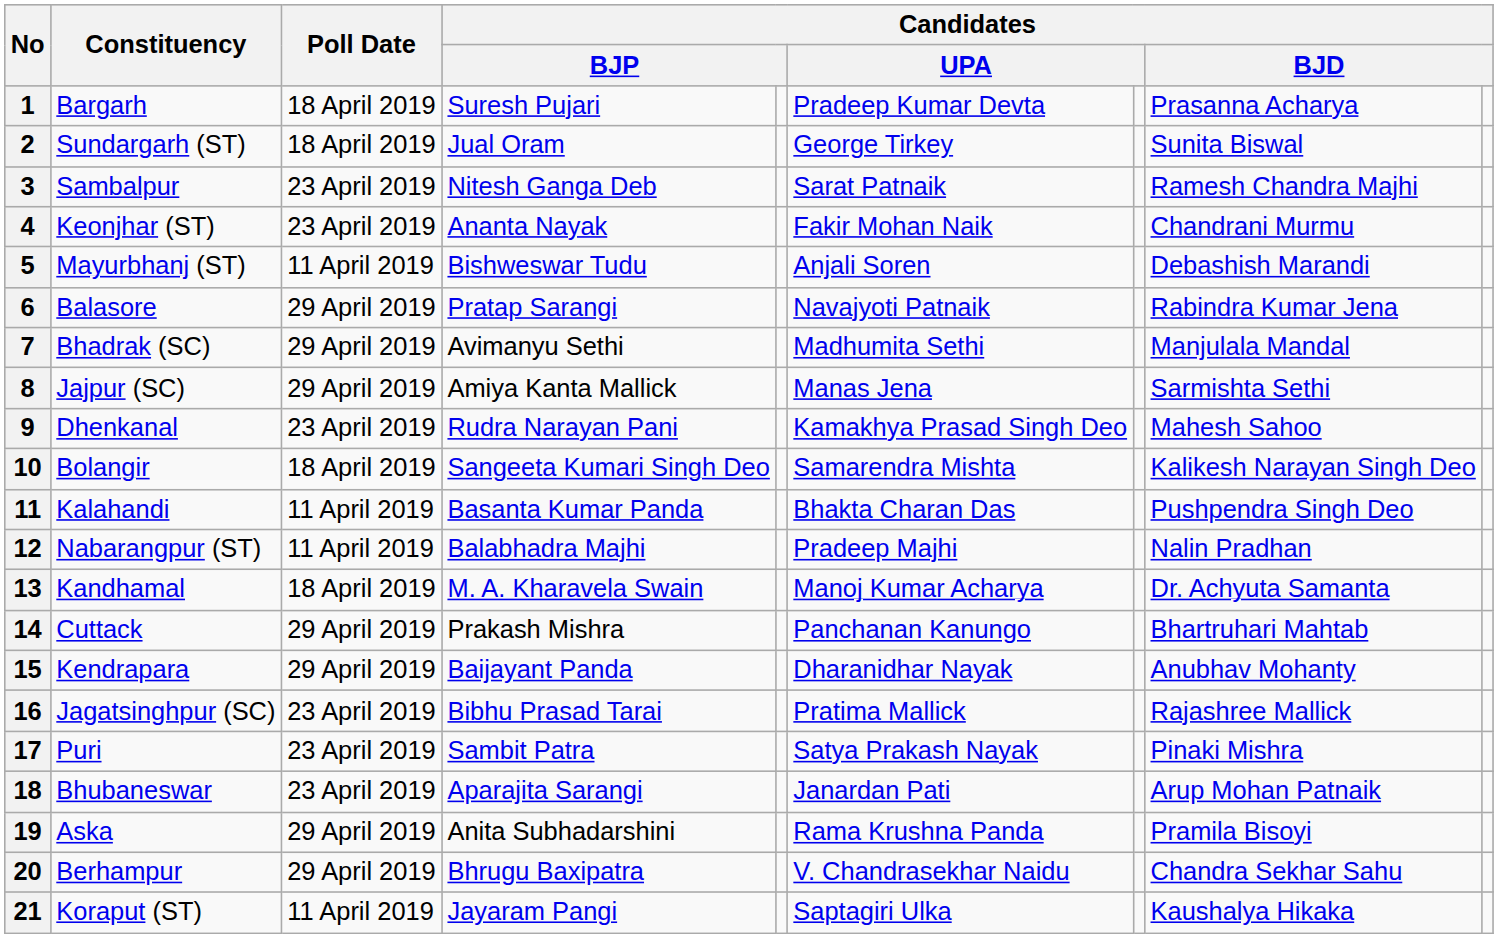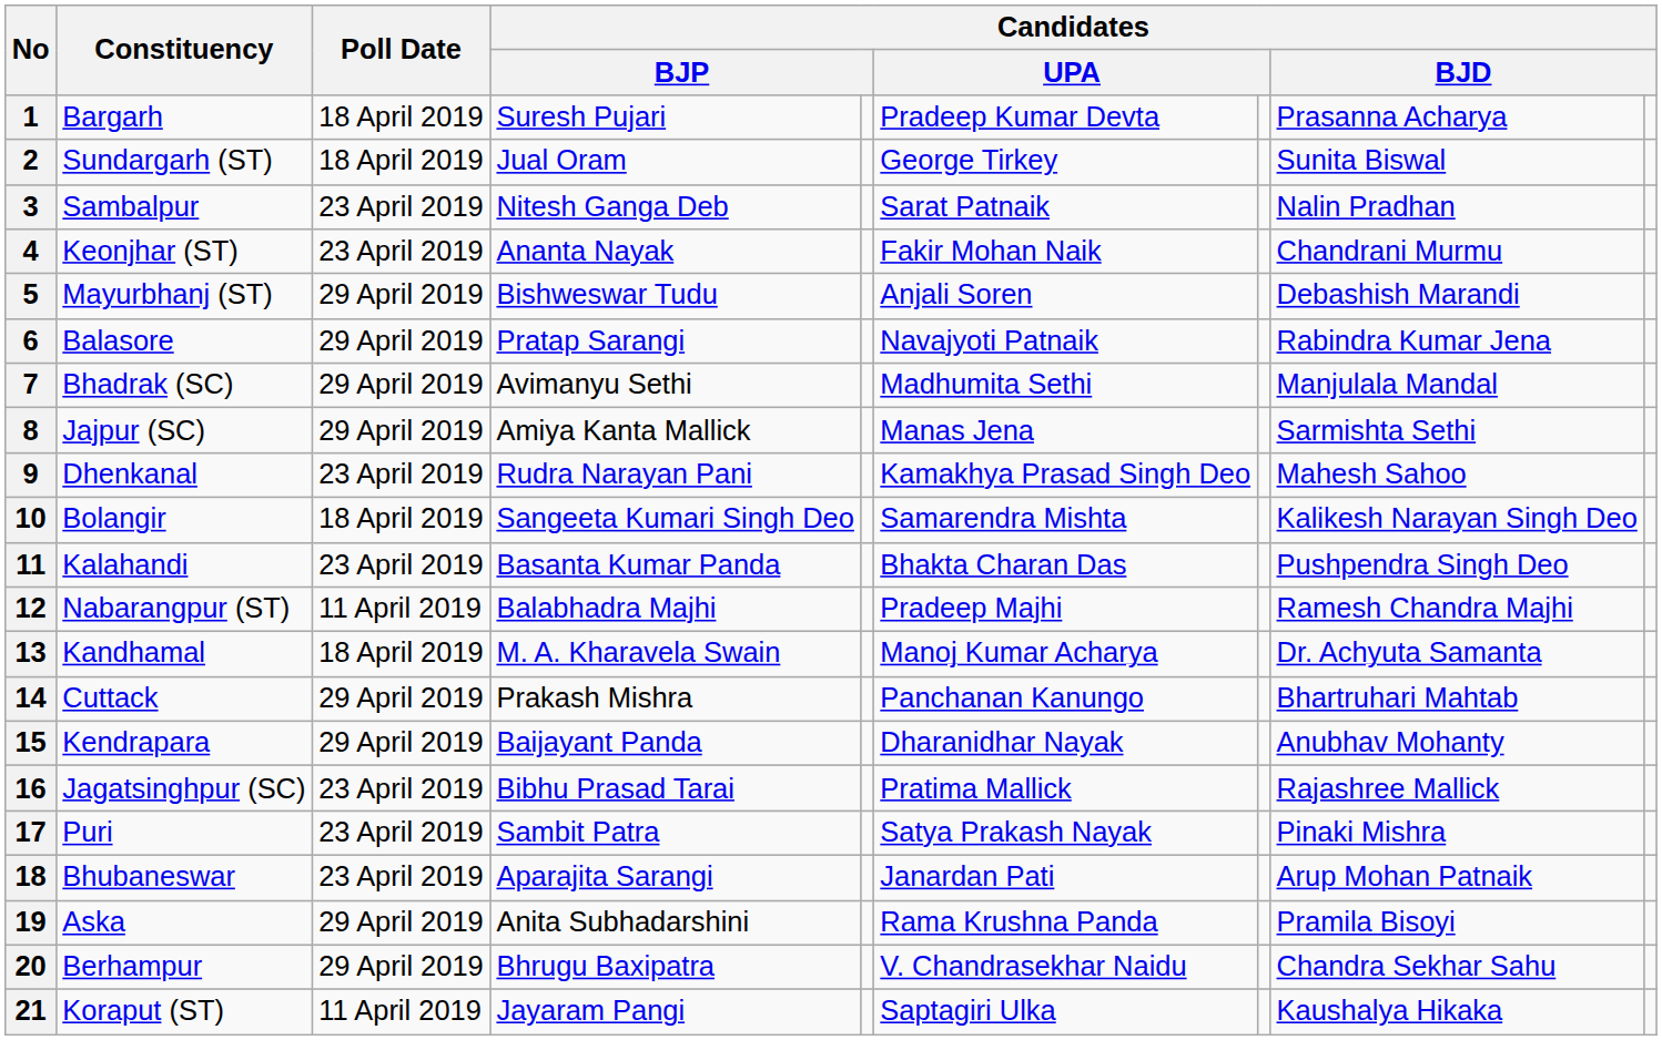 <table class="wikitable sortable">
 <tr>
 <th rowspan="2">No</th>
 <th rowspan="2">Constituency</th>
 <th rowspan="2">Poll Date</th>
 <th colspan="6">Candidates</th>
 </tr>
 <tr>
 <th colspan="2"><a href='#'>BJP</a></th>
 <th colspan="2"><a href='#'>UPA</a><br>   </th>
 <th colspan="2"><a href='#'>BJD</a><br></th>
 </tr>
 <tr>
 <th>1</th>
 <td><a href='#'>Bargarh</a></td>
 <td>18 April 2019</td>
 <td><a href='#'>Suresh Pujari</a></td>
 <td></td>
 <td><a href='#'>Pradeep Kumar Devta</a></td>
 <td></td>
 <td><a href='#'>Prasanna Acharya</a></td>
 <td></td>
 </tr>
 <tr>
 <th>2</th>
 <td><a href='#'>Sundargarh</a> (ST)</td>
 <td>18 April 2019</td>
 <td><a href='#'>Jual Oram</a></td>
 <td></td>
 <td><a href='#'>George Tirkey</a></td>
 <td></td>
 <td><a href='#'>Sunita Biswal</a></td>
 <td></td>
 </tr>
 <tr>
 <th>3</th>
 <td><a href='#'>Sambalpur</a></td>
 <td>23 April 2019</td>
 <td><a href='#'>Nitesh Ganga Deb</a></td>
 <td></td>
 <td><a href='#'>Sarat Patnaik</a></td>
 <td></td>
-<td><a href='#'>Ramesh Chandra Majhi</a></td>
+<td><a href='#'>Nalin Pradhan</a></td>
 <td></td>
 </tr>
 <tr>
 <th>4</th>
 <td><a href='#'>Keonjhar</a> (ST)</td>
 <td>23 April 2019</td>
 <td><a href='#'>Ananta Nayak</a></td>
 <td></td>
 <td><a href='#'>Fakir Mohan Naik</a></td>
 <td></td>
 <td><a href='#'>Chandrani Murmu</a></td>
 <td></td>
 </tr>
 <tr>
 <th>5</th>
 <td><a href='#'>Mayurbhanj</a> (ST)</td>
-<td>11 April 2019</td>
+<td>29 April 2019</td>
 <td><a href='#'>Bishweswar Tudu</a></td>
 <td></td>
 <td><a href='#'>Anjali Soren</a></td>
 <td></td>
 <td><a href='#'>Debashish Marandi</a></td>
 <td></td>
 </tr>
 <tr>
 <th>6</th>
 <td><a href='#'>Balasore</a></td>
 <td>29 April 2019</td>
 <td><a href='#'>Pratap Sarangi</a></td>
 <td></td>
 <td><a href='#'>Navajyoti Patnaik</a></td>
 <td></td>
 <td><a href='#'>Rabindra Kumar Jena</a></td>
 <td></td>
 </tr>
 <tr>
 <th>7</th>
 <td><a href='#'>Bhadrak</a> (SC)</td>
 <td>29 April 2019</td>
 <td>Avimanyu Sethi</td>
 <td></td>
 <td><a href='#'>Madhumita Sethi</a></td>
 <td></td>
 <td><a href='#'>Manjulala Mandal</a></td>
 <td></td>
 </tr>
 <tr>
 <th>8</th>
 <td><a href='#'>Jajpur</a> (SC)</td>
 <td>29 April 2019</td>
 <td>Amiya Kanta Mallick</td>
 <td></td>
 <td><a href='#'>Manas Jena</a></td>
 <td></td>
 <td><a href='#'>Sarmishta Sethi</a></td>
 <td></td>
 </tr>
 <tr>
 <th>9</th>
 <td><a href='#'>Dhenkanal</a></td>
 <td>23 April 2019</td>
 <td><a href='#'>Rudra Narayan Pani</a></td>
 <td></td>
 <td><a href='#'>Kamakhya Prasad Singh Deo</a></td>
 <td></td>
 <td><a href='#'>Mahesh Sahoo</a></td>
 <td></td>
 </tr>
 <tr>
 <th>10</th>
 <td><a href='#'>Bolangir</a></td>
 <td>18 April 2019</td>
 <td><a href='#'>Sangeeta Kumari Singh Deo</a></td>
 <td></td>
 <td><a href='#'>Samarendra Mishta</a></td>
 <td></td>
 <td><a href='#'>Kalikesh Narayan Singh Deo</a></td>
 <td></td>
 </tr>
 <tr>
 <th>11</th>
 <td><a href='#'>Kalahandi</a></td>
-<td>11 April 2019</td>
+<td>23 April 2019</td>
 <td><a href='#'>Basanta Kumar Panda</a></td>
 <td></td>
 <td><a href='#'>Bhakta Charan Das</a></td>
 <td></td>
 <td><a href='#'>Pushpendra Singh Deo</a></td>
 <td></td>
 </tr>
 <tr>
 <th>12</th>
 <td><a href='#'>Nabarangpur</a> (ST)</td>
 <td>11 April 2019</td>
 <td><a href='#'>Balabhadra Majhi</a></td>
 <td></td>
 <td><a href='#'>Pradeep Majhi</a></td>
 <td></td>
-<td><a href='#'>Nalin Pradhan</a></td>
+<td><a href='#'>Ramesh Chandra Majhi</a></td>
 <td></td>
 </tr>
 <tr>
 <th>13</th>
 <td><a href='#'>Kandhamal</a></td>
 <td>18 April 2019</td>
 <td><a href='#'>M. A. Kharavela Swain</a></td>
 <td></td>
 <td><a href='#'>Manoj Kumar Acharya</a></td>
 <td></td>
 <td><a href='#'>Dr. Achyuta Samanta</a></td>
 <td></td>
 </tr>
 <tr>
 <th>14</th>
 <td><a href='#'>Cuttack</a></td>
 <td>29 April 2019</td>
 <td>Prakash Mishra</td>
 <td></td>
 <td><a href='#'>Panchanan Kanungo</a></td>
 <td></td>
 <td><a href='#'>Bhartruhari Mahtab</a></td>
 <td></td>
 </tr>
 <tr>
 <th>15</th>
 <td><a href='#'>Kendrapara</a></td>
 <td>29 April 2019</td>
 <td><a href='#'>Baijayant Panda</a></td>
 <td></td>
 <td><a href='#'>Dharanidhar Nayak</a></td>
 <td></td>
 <td><a href='#'>Anubhav Mohanty</a></td>
 <td></td>
 </tr>
 <tr>
 <th>16</th>
 <td><a href='#'>Jagatsinghpur</a> (SC)</td>
 <td>23 April 2019</td>
 <td><a href='#'>Bibhu Prasad Tarai</a></td>
 <td></td>
 <td><a href='#'>Pratima Mallick</a></td>
 <td></td>
 <td><a href='#'>Rajashree Mallick</a></td>
 <td></td>
 </tr>
 <tr>
 <th>17</th>
 <td><a href='#'>Puri</a></td>
 <td>23 April 2019</td>
 <td><a href='#'>Sambit Patra</a></td>
 <td></td>
 <td><a href='#'>Satya Prakash Nayak</a></td>
 <td></td>
 <td><a href='#'>Pinaki Mishra</a></td>
 <td></td>
 </tr>
 <tr>
 <th>18</th>
 <td><a href='#'>Bhubaneswar</a></td>
 <td>23 April 2019</td>
 <td><a href='#'>Aparajita Sarangi</a></td>
 <td></td>
 <td><a href='#'>Janardan Pati</a></td>
 <td></td>
 <td><a href='#'>Arup Mohan Patnaik</a></td>
 <td></td>
 </tr>
 <tr>
 <th>19</th>
 <td><a href='#'>Aska</a></td>
 <td>29 April 2019</td>
 <td>Anita Subhadarshini</td>
 <td></td>
 <td><a href='#'>Rama Krushna Panda</a></td>
 <td></td>
 <td><a href='#'>Pramila Bisoyi</a></td>
 <td></td>
 </tr>
 <tr>
 <th>20</th>
 <td><a href='#'>Berhampur</a></td>
 <td>29 April 2019</td>
 <td><a href='#'>Bhrugu Baxipatra</a></td>
 <td></td>
 <td><a href='#'>V. Chandrasekhar Naidu</a></td>
 <td></td>
 <td><a href='#'>Chandra Sekhar Sahu</a></td>
 <td></td>
 </tr>
 <tr>
 <th>21</th>
 <td><a href='#'>Koraput</a> (ST)</td>
 <td>11 April 2019</td>
 <td><a href='#'>Jayaram Pangi</a></td>
 <td></td>
 <td><a href='#'>Saptagiri Ulka</a></td>
 <td></td>
 <td><a href='#'>Kaushalya Hikaka</a></td>
 <td></td>
 </tr>
 </table>
